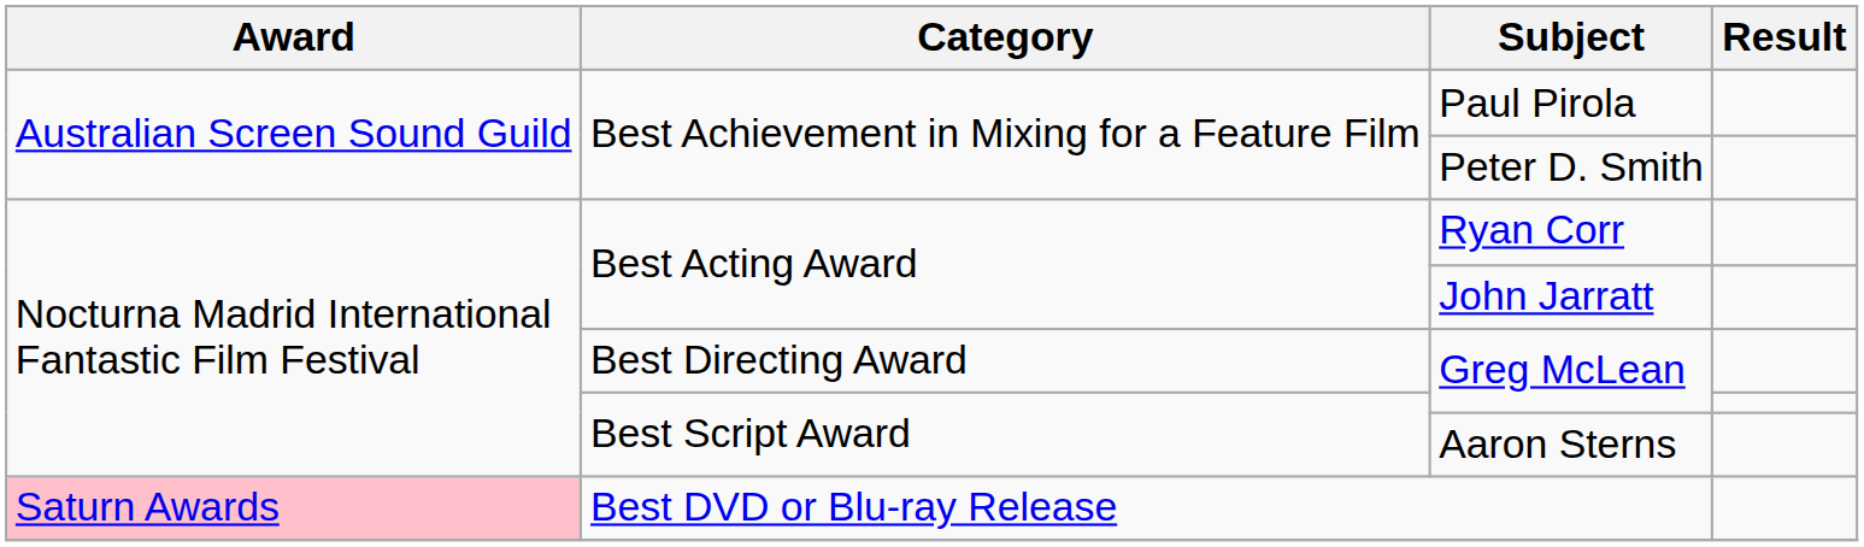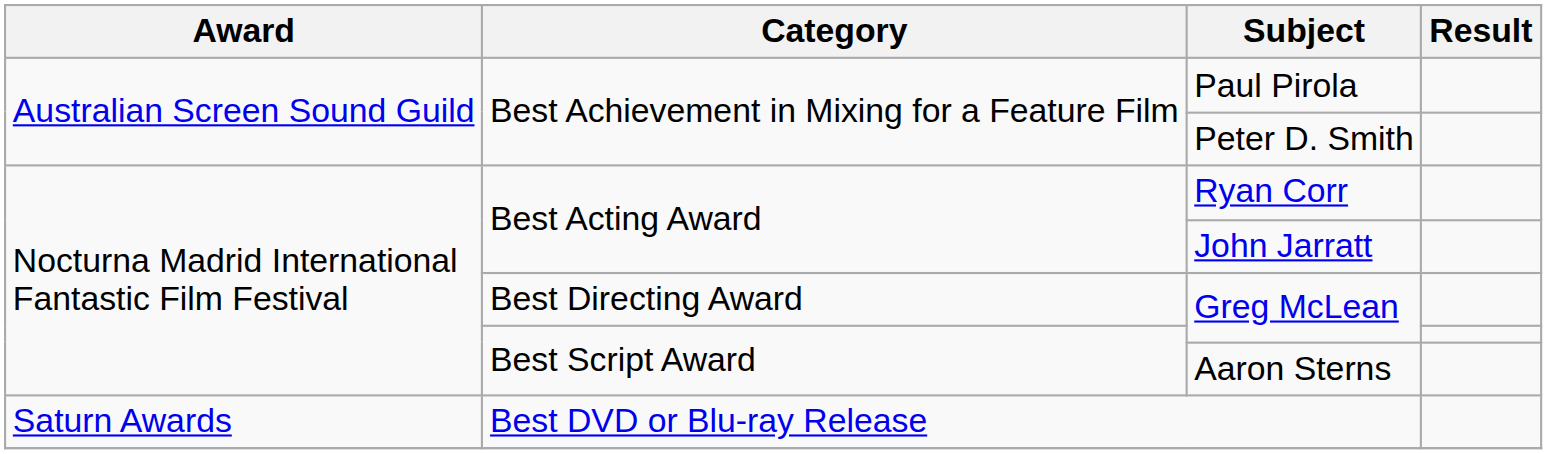 <table class="wikitable">
 <tr>
 <th>Award</th>
 <th>Category</th>
 <th>Subject</th>
 <th>Result</th>
 </tr>
 <tr>
 <td rowspan=2><a href='#'>Australian Screen Sound Guild</a></td>
 <td rowspan=2>Best Achievement in Mixing for a Feature Film</td>
 <td>Paul Pirola</td>
 <td></td>
 </tr>
 <tr>
 <td>Peter D. Smith</td>
 <td></td>
 </tr>
 <tr>
 <td rowspan=5>Nocturna Madrid International<br>Fantastic Film Festival</td>
 <td rowspan=2>Best Acting Award</td>
 <td><a href='#'>Ryan Corr</a></td>
 <td></td>
 </tr>
 <tr>
 <td><a href='#'>John Jarratt</a></td>
 <td></td>
 </tr>
 <tr>
 <td>Best Directing Award</td>
 <td rowspan=2><a href='#'>Greg McLean</a></td>
 <td></td>
 </tr>
 <tr>
 <td rowspan=2>Best Script Award</td>
 <td></td>
 </tr>
 <tr>
 <td>Aaron Sterns</td>
 <td></td>
 </tr>
 <tr>
-<td style="background: pink;"><a href='#'>Saturn Awards</a></td>
+<td><a href='#'>Saturn Awards</a></td>
 <td colspan=2><a href='#'>Best DVD or Blu-ray Release</a></td>
 <td></td>
 </tr>
 <tr>
 </tr>
 </table>
